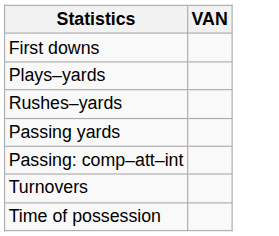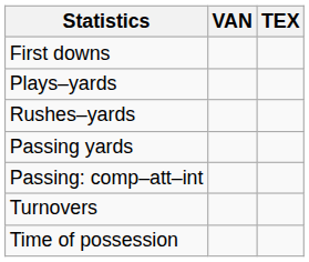 <table class="wikitable" style="float:left">
 <tr>
 <th>Statistics</th>
 <th>VAN</th>
+<th>TEX</th>
 </tr>
 <tr>
 <td>First downs</td>
+<td></td>
 <td></td>
 </tr>
 <tr>
 <td>Plays–yards</td>
 <td></td>
+<td></td>
 </tr>
 <tr>
 <td>Rushes–yards</td>
+<td></td>
 <td></td>
 </tr>
 <tr>
 <td>Passing yards</td>
 <td></td>
+<td></td>
 </tr>
 <tr>
 <td>Passing: comp–att–int</td>
+<td></td>
 <td></td>
 </tr>
 <tr>
 <td>Turnovers</td>
 <td></td>
+<td></td>
 </tr>
 <tr>
 <td>Time of possession</td>
 <td></td>
+<td></td>
 </tr>
 </table>
